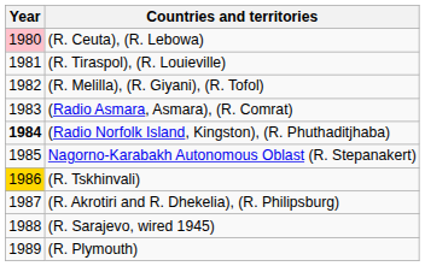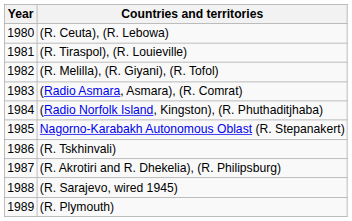 <table class="wikitable">
 <tr>
 <th>Year</th>
 <th>Countries and territories</th>
 </tr>
 <tr>
-<td style="background: pink;">1980</td>
+<td>1980</td>
 <td> (R. Ceuta),  (R. Lebowa)</td>
 </tr>
 <tr>
 <td>1981</td>
 <td> (R. Tiraspol),  (R. Louieville)</td>
 </tr>
 <tr>
 <td>1982</td>
 <td> (R. Melilla),  (R. Giyani),  (R. Tofol)</td>
 </tr>
 <tr>
 <td>1983</td>
 <td> (<a href='#'>Radio Asmara</a>, Asmara),  (R. Comrat)</td>
 </tr>
 <tr>
-<td><strong>1984</strong></td>
+<td>1984</td>
 <td> (<a href='#'>Radio Norfolk Island</a>, Kingston),  (R. Phuthaditjhaba)</td>
 </tr>
 <tr>
 <td>1985</td>
 <td> <a href='#'>Nagorno-Karabakh Autonomous Oblast</a> (R. Stepanakert)</td>
 </tr>
 <tr>
-<td style="background: gold;">1986</td>
+<td>1986</td>
 <td> (R. Tskhinvali)</td>
 </tr>
 <tr>
 <td>1987</td>
 <td> (R. Akrotiri and R. Dhekelia),  (R. Philipsburg)</td>
 </tr>
 <tr>
 <td>1988</td>
 <td> (R. Sarajevo, wired 1945)</td>
 </tr>
 <tr>
 <td>1989</td>
 <td> (R. Plymouth)</td>
 </tr>
 </table>
